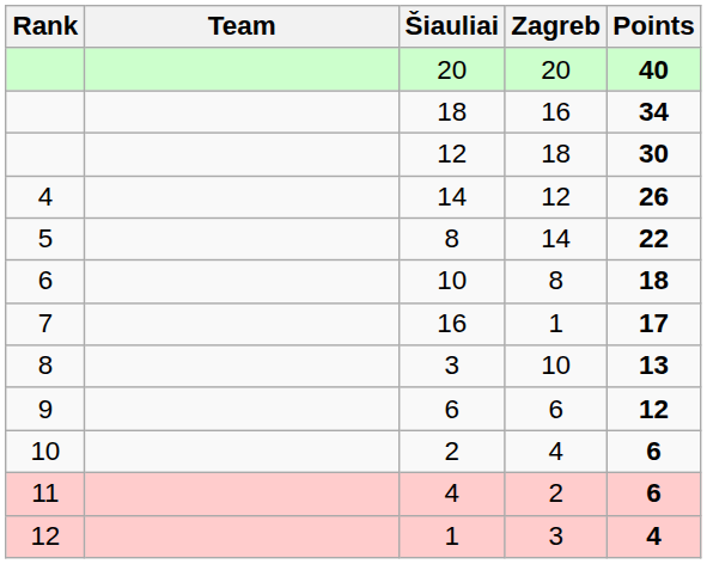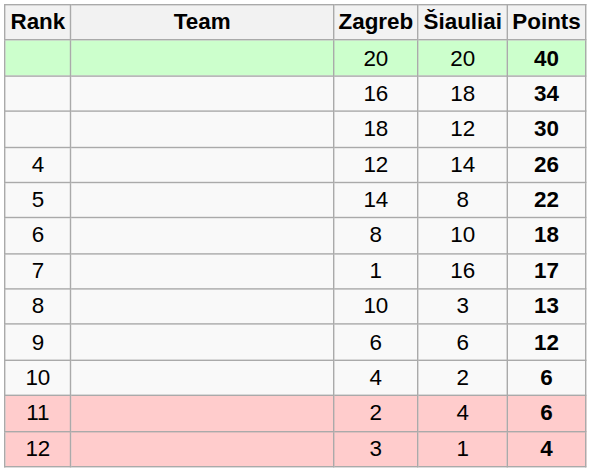 <table class="wikitable" style="text-align: center;">
 <tr>
 <th width=40>Rank</th>
 <th width=180>Team</th>
+<th width=40>Zagreb</th>
 <th width=40>Šiauliai</th>
-<th width=40>Zagreb</th>
 <th width=40>Points</th>
 </tr>
 <tr bgcolor=ccffcc>
 <td></td>
 <td align=left></td>
 <td>20</td>
 <td>20</td>
 <td><strong>40</strong></td>
 </tr>
 <tr>
 <td></td>
 <td align=left></td>
+<td>16</td>
 <td>18</td>
-<td>16</td>
 <td><strong>34</strong></td>
 </tr>
 <tr>
 <td></td>
 <td align=left></td>
+<td>18</td>
 <td>12</td>
-<td>18</td>
 <td><strong>30</strong></td>
 </tr>
 <tr>
 <td>4</td>
 <td align=left></td>
+<td>12</td>
 <td>14</td>
-<td>12</td>
 <td><strong>26</strong></td>
 </tr>
 <tr>
 <td>5</td>
 <td align=left></td>
+<td>14</td>
 <td>8</td>
-<td>14</td>
 <td><strong>22</strong></td>
 </tr>
 <tr>
 <td>6</td>
 <td align=left></td>
+<td>8</td>
 <td>10</td>
-<td>8</td>
 <td><strong>18</strong></td>
 </tr>
 <tr>
 <td>7</td>
 <td align=left></td>
+<td>1</td>
 <td>16</td>
-<td>1</td>
 <td><strong>17</strong></td>
 </tr>
 <tr>
 <td>8</td>
 <td align=left></td>
+<td>10</td>
 <td>3</td>
-<td>10</td>
 <td><strong>13</strong></td>
 </tr>
 <tr>
 <td>9</td>
 <td align=left></td>
 <td>6</td>
 <td>6</td>
 <td><strong>12</strong></td>
 </tr>
 <tr>
 <td>10</td>
 <td align=left></td>
+<td>4</td>
+<td>2</td>
+<td><strong>6</strong></td>
+</tr>
+<tr bgcolor=ffcccc>
+<td>11</td>
+<td align=left></td>
 <td>2</td>
 <td>4</td>
 <td><strong>6</strong></td>
 </tr>
 <tr bgcolor=ffcccc>
-<td>11</td>
-<td align=left></td>
-<td>4</td>
-<td>2</td>
-<td><strong>6</strong></td>
-</tr>
-<tr bgcolor=ffcccc>
 <td>12</td>
 <td align=left></td>
+<td>3</td>
 <td>1</td>
-<td>3</td>
 <td><strong>4</strong></td>
 </tr>
 </table>
